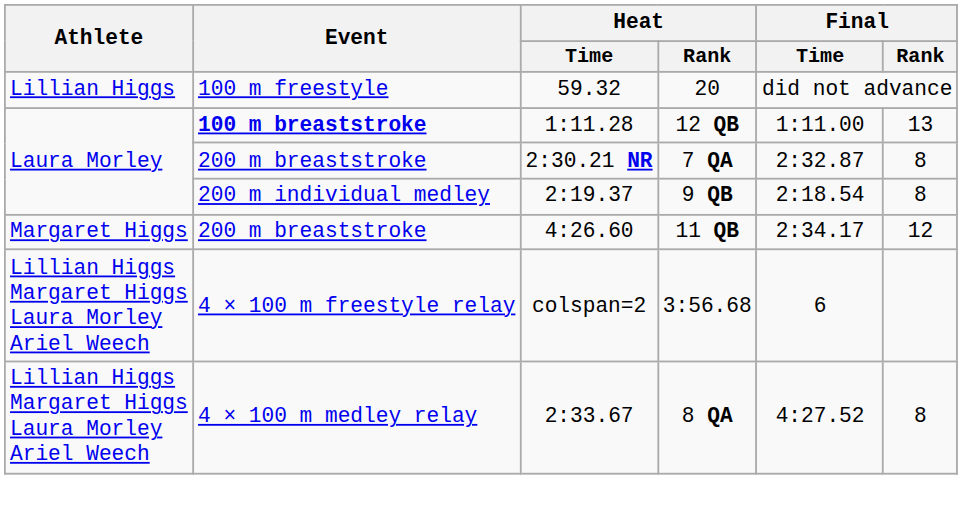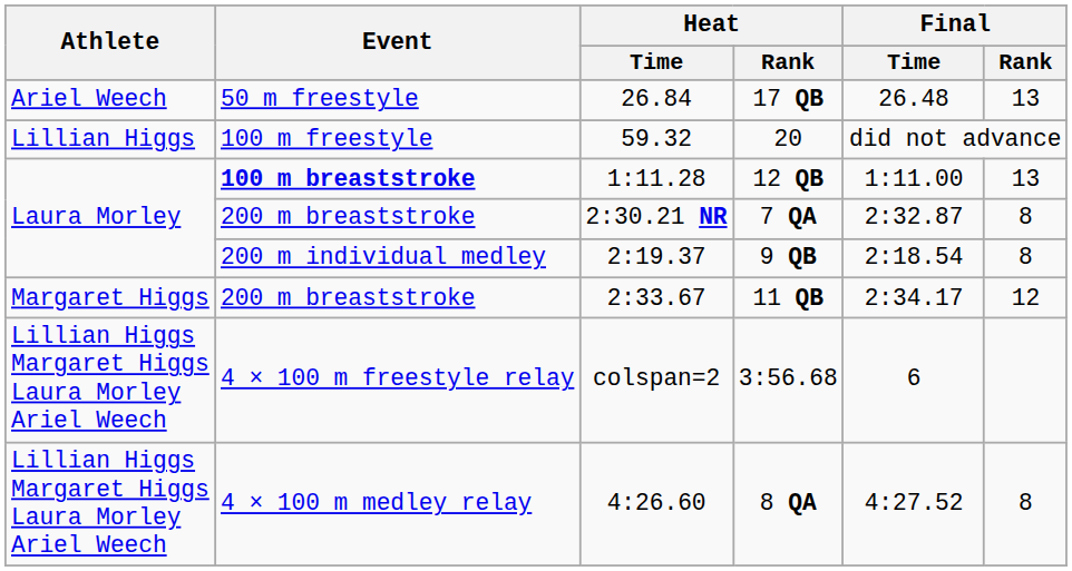 <table class=wikitable style="font-size:90%">
 <tr>
 <th rowspan="2">Athlete</th>
 <th rowspan="2">Event</th>
 <th colspan="2">Heat</th>
 <th colspan="2">Final</th>
 </tr>
 <tr style="font-size:95%">
 <th>Time</th>
 <th>Rank</th>
 <th>Time</th>
 <th>Rank</th>
+</tr>
+<tr align=center>
+<td align=left><a href='#'>Ariel Weech</a></td>
+<td align=left><a href='#'>50 m freestyle</a></td>
+<td>26.84</td>
+<td>17 <strong>QB</strong></td>
+<td>26.48</td>
+<td>13</td>
 </tr>
 <tr align=center>
 <td align=left><a href='#'>Lillian Higgs</a></td>
 <td align=left><a href='#'>100 m freestyle</a></td>
 <td>59.32</td>
 <td>20</td>
 <td colspan="2">did not advance</td>
 </tr>
 <tr align=center>
 <td align=left rowspan="3"><a href='#'>Laura Morley</a></td>
 <td align=left><strong><a href='#'>100 m breaststroke</a></strong></td>
 <td>1:11.28</td>
 <td>12 <strong>QB</strong></td>
 <td>1:11.00</td>
 <td>13</td>
 </tr>
 <tr align=center>
 <td align=left><a href='#'>200 m breaststroke</a></td>
 <td>2:30.21 <strong><a href='#'>NR</a></strong></td>
 <td>7 <strong>QA</strong></td>
 <td>2:32.87</td>
 <td>8</td>
 </tr>
 <tr align=center>
 <td align=left><a href='#'>200 m individual medley</a></td>
 <td>2:19.37</td>
 <td>9 <strong>QB</strong></td>
 <td>2:18.54</td>
 <td>8</td>
 </tr>
 <tr align=center>
 <td align=left><a href='#'>Margaret Higgs</a></td>
 <td align=left><a href='#'>200 m breaststroke</a></td>
-<td>4:26.60</td>
+<td>2:33.67</td>
 <td>11 <strong>QB</strong></td>
 <td>2:34.17</td>
 <td>12</td>
 </tr>
 <tr align=center>
 <td align=left><a href='#'>Lillian Higgs</a><br><a href='#'>Margaret Higgs</a><br><a href='#'>Laura Morley</a><br><a href='#'>Ariel Weech</a></td>
 <td align=left><a href='#'>4 × 100 m freestyle relay</a></td>
 <td>colspan=2 </td>
 <td>3:56.68</td>
 <td>6</td>
 </tr>
 <tr align=center>
 <td align=left><a href='#'>Lillian Higgs</a><br><a href='#'>Margaret Higgs</a><br><a href='#'>Laura Morley</a><br><a href='#'>Ariel Weech</a></td>
 <td align=left><a href='#'>4 × 100 m medley relay</a></td>
-<td>2:33.67</td>
+<td>4:26.60</td>
 <td>8 <strong>QA</strong></td>
 <td>4:27.52</td>
 <td>8</td>
 </tr>
 </table>
